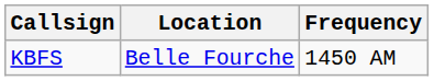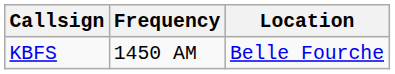 <table class="wikitable">
 <tr>
 <th>Callsign</th>
+<th>Frequency</th>
 <th>Location</th>
-<th>Frequency</th>
 </tr>
 <tr>
 <td><a href='#'>KBFS</a></td>
+<td>1450 AM</td>
 <td><a href='#'>Belle Fourche</a></td>
-<td>1450 AM</td>
 </tr>
 </table>
